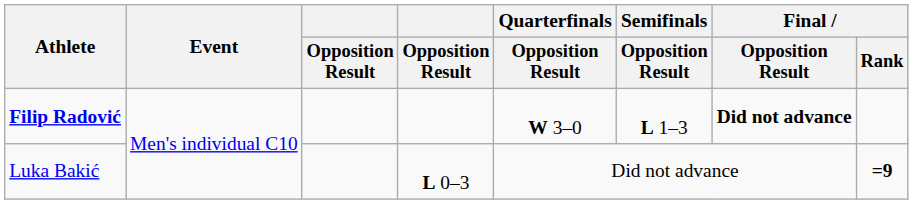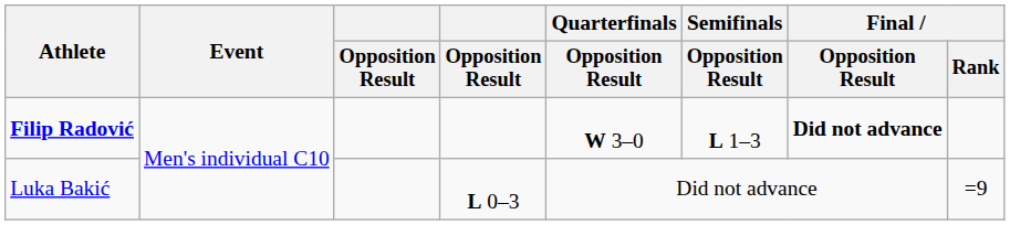 <table class=wikitable style=font-size:90%;text-align:center>
 <tr>
 <th rowspan="2">Athlete</th>
 <th rowspan="2">Event</th>
 <th></th>
 <th></th>
 <th>Quarterfinals</th>
 <th>Semifinals</th>
 <th colspan="2">Final / </th>
 </tr>
 <tr style=font-size:95%>
 <th>Opposition<br>Result</th>
 <th>Opposition<br>Result</th>
 <th>Opposition<br>Result</th>
 <th>Opposition<br>Result</th>
 <th>Opposition<br>Result</th>
 <th>Rank</th>
 </tr>
 <tr align=center>
 <td align=left><strong><a href='#'>Filip Radović</a></strong></td>
 <td align=left rowspan=2><a href='#'>Men's individual C10</a></td>
 <td></td>
 <td></td>
 <td><br><strong>W</strong> 3–0</td>
 <td><br><strong>L</strong> 1–3</td>
 <td><strong>Did not advance</strong></td>
 <td></td>
 </tr>
 <tr align=center>
 <td align=left><a href='#'>Luka Bakić</a></td>
 <td></td>
 <td><br><strong>L</strong> 0–3</td>
 <td colspan=3>Did not advance</td>
-<td><strong>=9</strong></td>
+<td>=9</td>
 </tr>
 </table>
